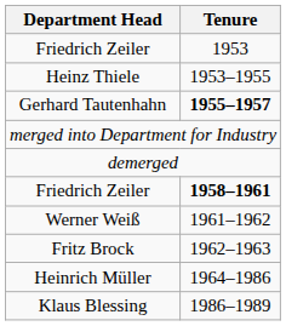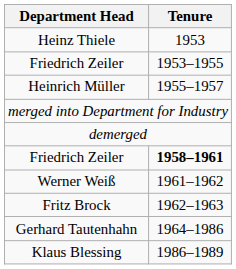 <table class="wikitable" style="text-align: center;">
 <tr>
 <th>Department Head</th>
 <th>Tenure</th>
 </tr>
 <tr>
-<td>Friedrich Zeiler</td>
+<td>Heinz Thiele</td>
 <td>1953</td>
 </tr>
 <tr>
-<td>Heinz Thiele</td>
+<td>Friedrich Zeiler</td>
 <td>1953–1955</td>
 </tr>
 <tr>
-<td>Gerhard Tautenhahn</td>
-<td><strong>1955–1957</strong></td>
+<td>Heinrich Müller</td>
+<td>1955–1957</td>
 </tr>
 <tr>
 <td colspan="2"><em>merged into Department for Industry</em></td>
 </tr>
 <tr>
 <td colspan="2"><em>demerged</em></td>
 </tr>
 <tr>
 <td>Friedrich Zeiler</td>
 <td><strong>1958–1961</strong></td>
 </tr>
 <tr>
 <td>Werner Weiß</td>
 <td>1961–1962</td>
 </tr>
 <tr>
 <td>Fritz Brock</td>
 <td>1962–1963 </td>
 </tr>
 <tr>
-<td>Heinrich Müller</td>
+<td>Gerhard Tautenhahn</td>
 <td>1964–1986</td>
 </tr>
 <tr>
 <td>Klaus Blessing</td>
 <td>1986–1989</td>
 </tr>
 </table>
